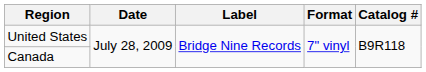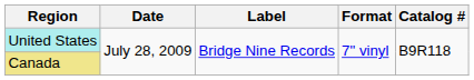 <table class="wikitable">
 <tr>
 <th>Region</th>
 <th>Date</th>
 <th>Label</th>
 <th>Format</th>
 <th>Catalog #</th>
 </tr>
 <tr>
-<td>United States </td>
+<td style="background: paleturquoise;">United States </td>
 <td rowspan="2">July 28, 2009</td>
 <td rowspan="2"><a href='#'>Bridge Nine Records</a></td>
 <td rowspan="2"><a href='#'>7" vinyl</a></td>
 <td rowspan="2">B9R118</td>
 </tr>
 <tr>
-<td>Canada</td>
+<td style="background: khaki;">Canada</td>
 </tr>
 </table>
